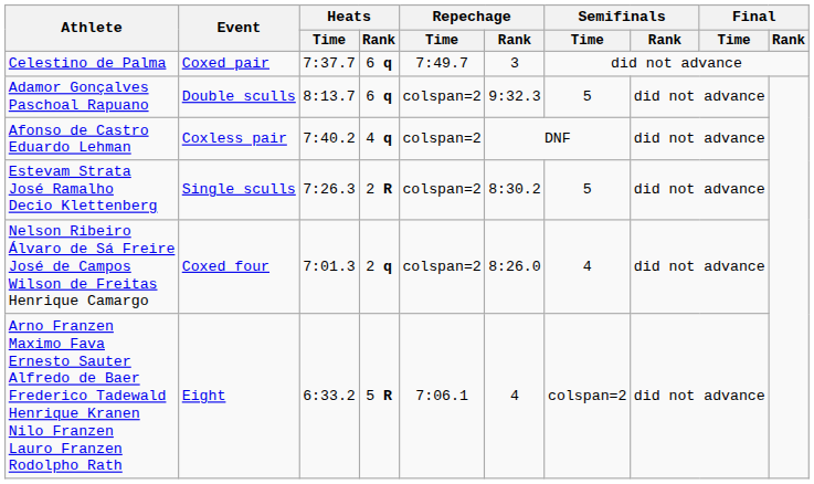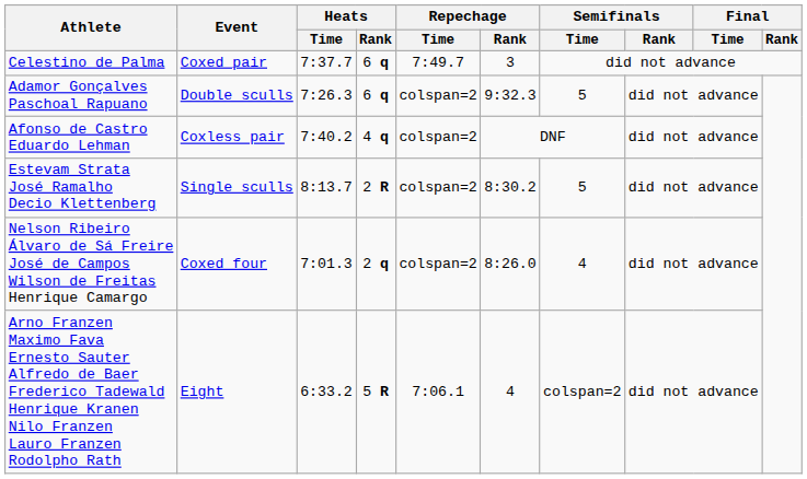 <table class="wikitable" style="font-size:90%">
 <tr>
 <th rowspan="2">Athlete</th>
 <th rowspan="2">Event</th>
 <th colspan="2">Heats</th>
 <th colspan="2">Repechage</th>
 <th colspan="2">Semifinals</th>
 <th colspan="2">Final</th>
 </tr>
 <tr style="font-size:95%">
 <th>Time</th>
 <th>Rank</th>
 <th>Time</th>
 <th>Rank</th>
 <th>Time</th>
 <th>Rank</th>
 <th>Time</th>
 <th>Rank</th>
 </tr>
 <tr align=center>
 <td align=left><a href='#'>Celestino de Palma</a></td>
 <td align=left><a href='#'>Coxed pair</a></td>
 <td>7:37.7</td>
 <td>6 <strong>q</strong></td>
 <td>7:49.7</td>
 <td>3</td>
 <td colspan="4"  align="center">did not advance</td>
 </tr>
 <tr align=center>
 <td align=left><a href='#'>Adamor Gonçalves</a><br><a href='#'>Paschoal Rapuano</a></td>
 <td align=left><a href='#'>Double sculls</a></td>
-<td>8:13.7</td>
+<td>7:26.3</td>
 <td>6 <strong>q</strong></td>
 <td>colspan=2 </td>
 <td>9:32.3</td>
 <td>5</td>
 <td colspan="2"  align="center">did not advance</td>
 </tr>
 <tr align=center>
 <td align=left><a href='#'>Afonso de Castro</a><br><a href='#'>Eduardo Lehman</a></td>
 <td align=left><a href='#'>Coxless pair</a></td>
 <td>7:40.2</td>
 <td>4 <strong>q</strong></td>
 <td>colspan=2 </td>
 <td colspan="2"  align="center">DNF</td>
 <td colspan="2"  align="center">did not advance</td>
 </tr>
 <tr align=center>
 <td align=left><a href='#'>Estevam Strata</a><br><a href='#'>José Ramalho</a><br><a href='#'>Decio Klettenberg</a></td>
 <td align=left><a href='#'>Single sculls</a></td>
-<td>7:26.3</td>
+<td>8:13.7</td>
 <td>2 <strong>R</strong></td>
 <td>colspan=2 </td>
 <td>8:30.2</td>
 <td>5</td>
 <td colspan="2"  align="center">did not advance</td>
 </tr>
 <tr align=center>
 <td align=left><a href='#'>Nelson Ribeiro</a><br><a href='#'>Álvaro de Sá Freire</a><br><a href='#'>José de Campos</a><br><a href='#'>Wilson de Freitas</a><br>Henrique Camargo</td>
 <td align=left><a href='#'>Coxed four</a></td>
 <td>7:01.3</td>
 <td>2 <strong>q</strong></td>
 <td>colspan=2 </td>
 <td>8:26.0</td>
 <td>4</td>
 <td colspan="2"  align="center">did not advance</td>
 </tr>
 <tr align=center>
 <td align=left><a href='#'>Arno Franzen</a><br><a href='#'>Maximo Fava</a><br><a href='#'>Ernesto Sauter</a><br><a href='#'>Alfredo de Baer</a><br><a href='#'>Frederico Tadewald</a><br><a href='#'>Henrique Kranen</a><br><a href='#'>Nilo Franzen</a><br><a href='#'>Lauro Franzen</a><br><a href='#'>Rodolpho Rath</a></td>
 <td align=left><a href='#'>Eight</a></td>
 <td>6:33.2</td>
 <td>5 <strong>R</strong></td>
 <td>7:06.1</td>
 <td>4</td>
 <td>colspan=2 </td>
 <td colspan="2"  align="center">did not advance</td>
 </tr>
 </table>
